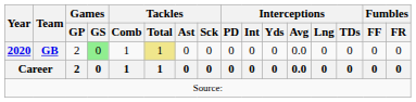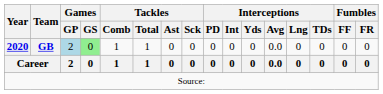 <table class="wikitable" style="text-align: center;">
 <tr>
 <th rowspan="2">Year</th>
 <th rowspan="2">Team</th>
 <th colspan="2">Games</th>
 <th colspan="4">Tackles</th>
 <th colspan="6">Interceptions</th>
 <th colspan="2">Fumbles</th>
 </tr>
 <tr>
 <th>GP</th>
 <th>GS</th>
 <th>Comb</th>
 <th>Total</th>
 <th>Ast</th>
 <th>Sck</th>
 <th>PD</th>
 <th>Int</th>
 <th>Yds</th>
 <th>Avg</th>
 <th>Lng</th>
 <th>TDs</th>
 <th>FF</th>
 <th>FR</th>
 </tr>
 <tr>
 <th><a href='#'>2020</a></th>
 <th><a href='#'>GB</a></th>
-<td>2</td>
+<td style="background: lightblue;">2</td>
 <td style="background: lightgreen;">0</td>
 <td>1</td>
-<td style="background: khaki;">1</td>
+<td>1</td>
 <td>0</td>
 <td>0</td>
 <td>0</td>
 <td>0</td>
 <td>0</td>
 <td>0.0</td>
 <td>0</td>
 <td>0</td>
 <td>0</td>
 <td>0</td>
 </tr>
 <tr>
 <th colspan="2">Career</th>
 <th>2</th>
 <th>0</th>
 <th>1</th>
 <th>1</th>
 <th>0</th>
 <th>0</th>
 <th>0</th>
 <th>0</th>
 <th>0</th>
 <th>0.0</th>
 <th>0</th>
 <th>0</th>
 <th>0</th>
 <th>0</th>
 </tr>
 <tr>
 <td colspan="17"><small>Source: </small></td>
 </tr>
 </table>
